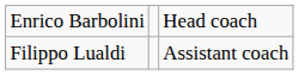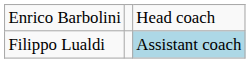 <table class="wikitable">
 <tr>
 <td>Enrico Barbolini</td>
 <td></td>
 <td>Head coach</td>
 </tr>
 <tr>
 <td>Filippo Lualdi</td>
 <td></td>
-<td>Assistant coach</td>
+<td style="background: lightblue;">Assistant coach</td>
 </tr>
 </table>
